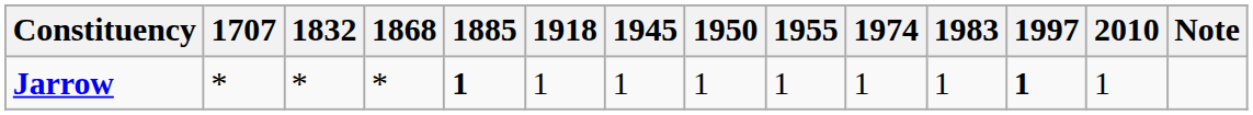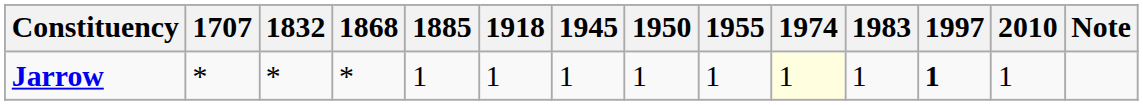 <table class="wikitable">
 <tr>
 <th>Constituency</th>
 <th>1707</th>
 <th>1832</th>
 <th>1868</th>
 <th>1885</th>
 <th>1918</th>
 <th>1945</th>
 <th>1950</th>
 <th>1955</th>
 <th>1974</th>
 <th>1983</th>
 <th>1997</th>
 <th>2010</th>
 <th>Note</th>
 </tr>
 <tr>
 <td><strong><a href='#'>Jarrow</a></strong></td>
 <td>*</td>
 <td>*</td>
 <td>*</td>
-<td><strong>1</strong></td>
 <td>1</td>
 <td>1</td>
 <td>1</td>
 <td>1</td>
 <td>1</td>
+<td style="background: lightyellow;">1</td>
 <td>1</td>
 <td><strong>1</strong></td>
 <td>1</td>
 </tr>
 </table>
